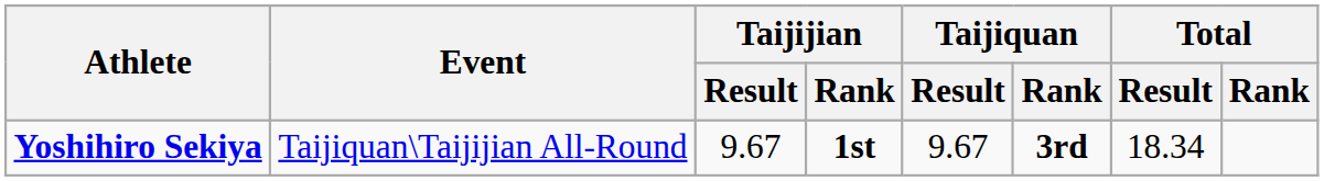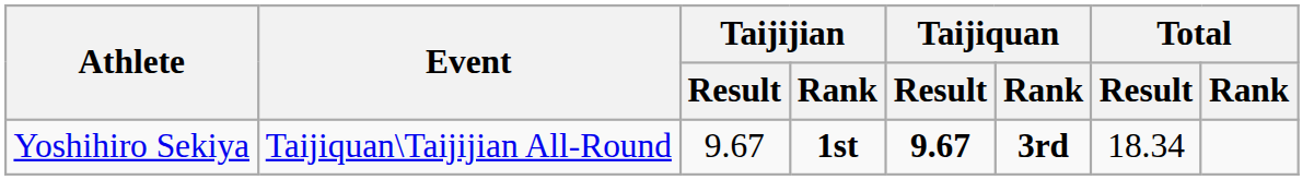 <table class=wikitable style="font-size:90%">
 <tr>
 <th rowspan="2">Athlete</th>
 <th rowspan="2">Event</th>
 <th colspan="2">Taijijian</th>
 <th colspan="2">Taijiquan</th>
 <th colspan="2">Total</th>
 </tr>
 <tr>
 <th>Result</th>
 <th>Rank</th>
 <th>Result</th>
 <th>Rank</th>
 <th>Result</th>
 <th>Rank</th>
 </tr>
 <tr>
-<td><strong><a href='#'>Yoshihiro Sekiya</a></strong></td>
+<td><a href='#'>Yoshihiro Sekiya</a></td>
 <td><a href='#'>Taijiquan\Taijijian All-Round</a></td>
 <td align=center>9.67</td>
 <td align=center><strong>1st</strong></td>
-<td align=center>9.67</td>
+<td align=center><strong>9.67</strong></td>
 <td align=center><strong>3rd</strong></td>
 <td align=center>18.34</td>
 <td align=center></td>
 </tr>
 </table>
